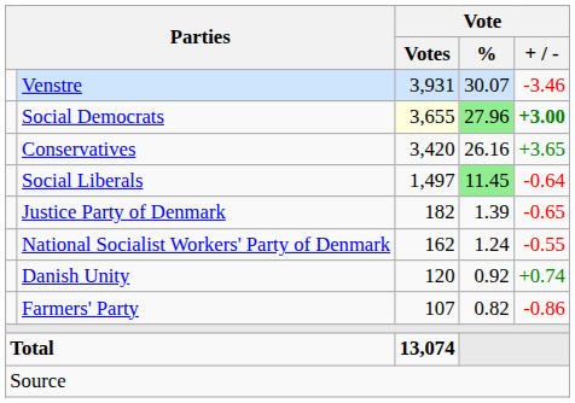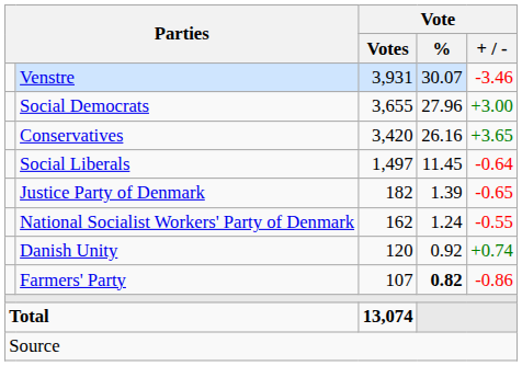 <table class="wikitable" style="text-align:right;">
 <tr>
 <th style="text-align:centre;" rowspan="2" colspan="2" width="225">Parties</th>
 <th colspan="3">Vote</th>
 </tr>
 <tr>
 <th width="15">Votes</th>
 <th width="15">%</th>
 <th width="15">+ / -</th>
 </tr>
 <tr>
 <td width="2" style="color:inherit;background:"></td>
 <td bgcolor=#cfe5fe  align="left"><a href='#'>Venstre</a></td>
 <td bgcolor=#cfe5fe>3,931</td>
 <td bgcolor=#cfe5fe>30.07</td>
 <td style=color:red;>-3.46</td>
 </tr>
 <tr>
 <td width="2" style="color:inherit;background:"></td>
 <td align="left"><a href='#'>Social Democrats</a></td>
-<td style="background: lightyellow;">3,655</td>
-<td style="background: lightgreen;">27.96</td>
-<td style=color:green;><strong>+3.00</strong></td>
+<td>3,655</td>
+<td>27.96</td>
+<td style=color:green;>+3.00</td>
 </tr>
 <tr>
 <td width="2" style="color:inherit;background:"></td>
 <td align="left"><a href='#'>Conservatives</a></td>
 <td>3,420</td>
 <td>26.16</td>
 <td style=color:green;>+3.65</td>
 </tr>
 <tr>
 <td width="2" style="color:inherit;background:"></td>
 <td align="left"><a href='#'>Social Liberals</a></td>
 <td>1,497</td>
-<td style="background: lightgreen;">11.45</td>
+<td>11.45</td>
 <td style=color:red;>-0.64</td>
 </tr>
 <tr>
 <td width="2" style="color:inherit;background:"></td>
 <td align="left"><a href='#'>Justice Party of Denmark</a></td>
 <td>182</td>
 <td>1.39</td>
 <td style=color:red;>-0.65</td>
 </tr>
 <tr>
 <td width="2" style="color:inherit;background:"></td>
 <td align="left"><a href='#'>National Socialist Workers' Party of Denmark</a></td>
 <td>162</td>
 <td>1.24</td>
 <td style=color:red;>-0.55</td>
 </tr>
 <tr>
 <td width="2" style="color:inherit;background:"></td>
 <td align="left"><a href='#'>Danish Unity</a></td>
 <td>120</td>
 <td>0.92</td>
 <td style=color:green;>+0.74</td>
 </tr>
 <tr>
 <td width="2" style="color:inherit;background:"></td>
 <td align="left"><a href='#'>Farmers' Party</a></td>
 <td>107</td>
-<td>0.82</td>
+<td><strong>0.82</strong></td>
 <td style=color:red;>-0.86</td>
 </tr>
 <tr>
 <td colspan="7" bgcolor="#E9E9E9"></td>
 </tr>
 <tr>
 <td align="left" colspan="2"><strong>Total</strong></td>
 <td><strong>13,074</strong></td>
 <td bgcolor="#E9E9E9" colspan="2"></td>
 </tr>
 <tr>
 <td align="left" colspan="6">Source</td>
 </tr>
 </table>
